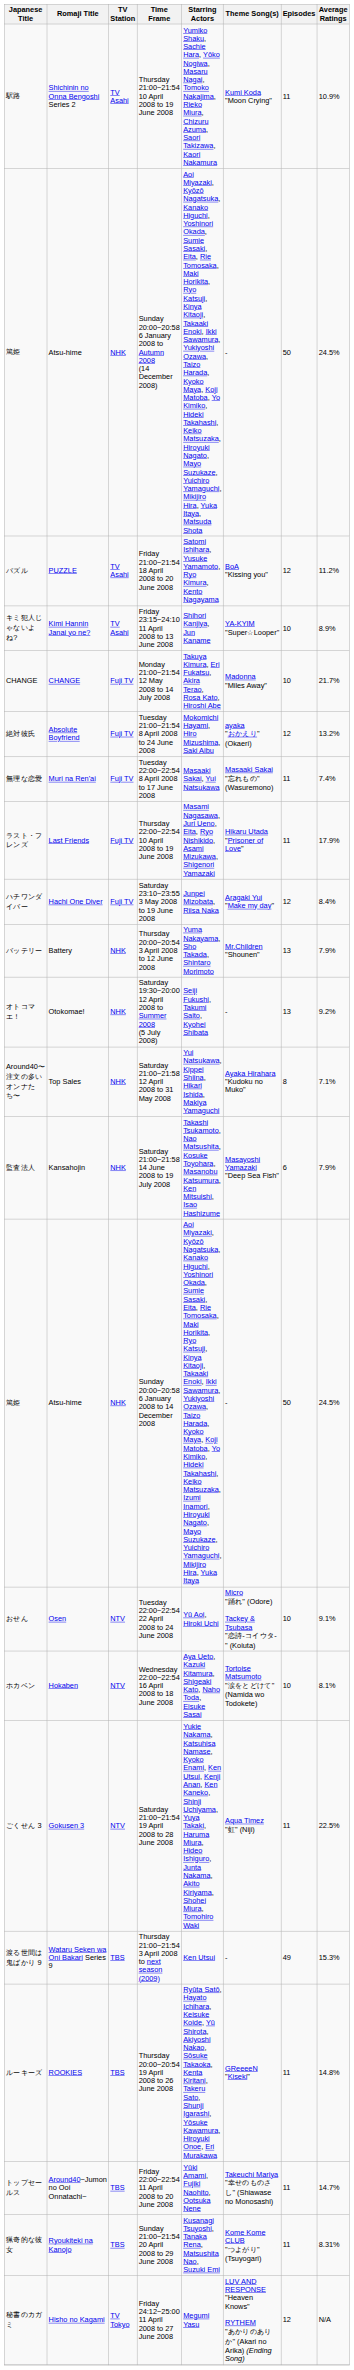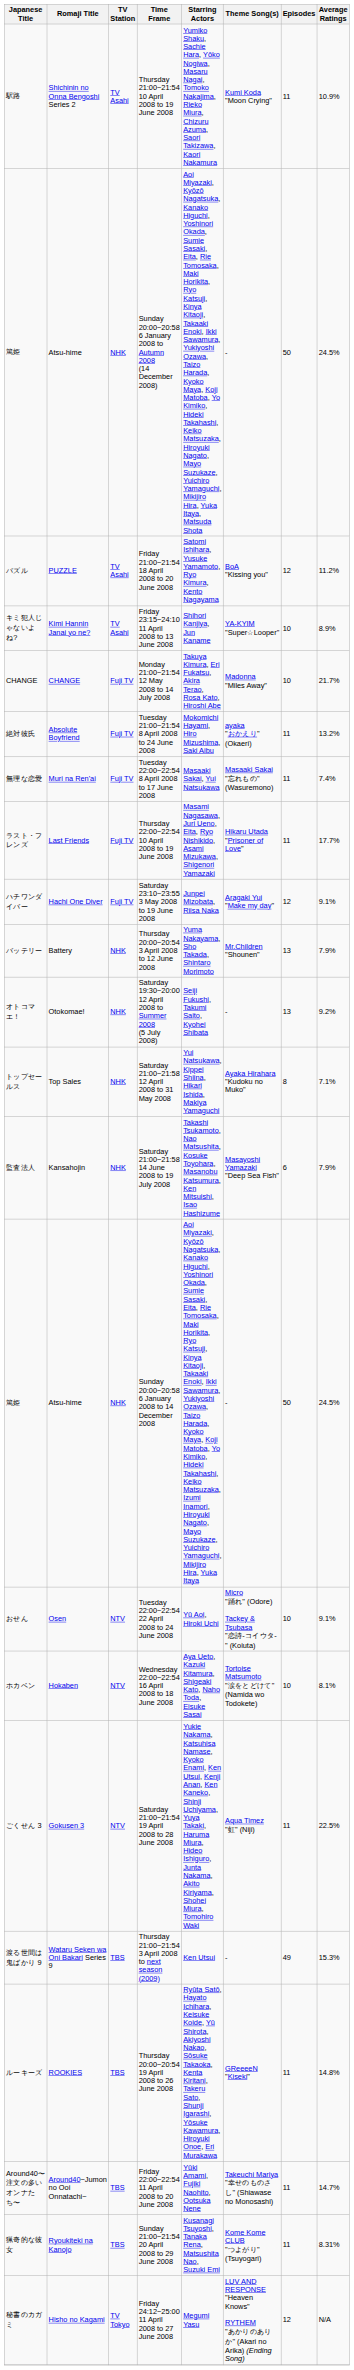 <table class="wikitable">
 <tr>
 <th align="left">Japanese Title</th>
 <th align="left">Romaji Title</th>
 <th align="left">TV Station</th>
 <th align="left">Time Frame</th>
 <th align="left">Starring Actors</th>
 <th align="left">Theme Song(s)</th>
 <th align="left">Episodes</th>
 <th align="left">Average Ratings</th>
 </tr>
 <tr>
 <td align="left">駅路</td>
 <td align="left"><a href='#'>Shichinin no Onna Bengoshi</a> Series 2</td>
 <td align="left"><a href='#'>TV Asahi</a></td>
 <td align="left">Thursday 21:00~21:54 <br> 10 April 2008 to 19 June 2008</td>
 <td align="left"><a href='#'>Yumiko Shaku</a>, <a href='#'>Sachie Hara</a>, <a href='#'>Yōko Nogiwa</a>, <a href='#'>Masaru Nagai</a>, <a href='#'>Tomoko Nakajima</a>, <a href='#'>Rieko Miura</a>, <a href='#'>Chizuru Azuma</a>, <a href='#'>Saori Takizawa</a>, <a href='#'>Kaori Nakamura</a></td>
 <td align="left"><a href='#'>Kumi Koda</a><br>"Moon Crying"</td>
 <td align="left">11</td>
 <td align="left">10.9%</td>
 </tr>
 <tr>
 <td align="left">篤姫</td>
 <td align="left">Atsu-hime</td>
 <td align="left"><a href='#'>NHK</a></td>
 <td align="left">Sunday 20:00~20:58 <br> 6 January 2008 to <a href='#'>Autumn 2008</a><br>(14 December 2008)</td>
 <td align="left"><a href='#'>Aoi Miyazaki</a>, <a href='#'>Kyōzō Nagatsuka</a>, <a href='#'>Kanako Higuchi</a>, <a href='#'>Yoshinori Okada</a>, <a href='#'>Sumie Sasaki</a>, <a href='#'>Eita</a>, <a href='#'>Rie Tomosaka</a>, <a href='#'>Maki Horikita</a>, <a href='#'>Ryo Katsuji</a>, <a href='#'>Kinya Kitaoji</a>, <a href='#'>Takaaki Enoki</a>, <a href='#'>Ikki Sawamura</a>, <a href='#'>Yukiyoshi Ozawa</a>, <a href='#'>Taizo Harada</a>, <a href='#'>Kyoko Maya</a>, <a href='#'>Koji Matoba</a>, <a href='#'>Yo Kimiko</a>, <a href='#'>Hideki Takahashi</a>, <a href='#'>Keiko Matsuzaka</a>, <a href='#'>Hiroyuki Nagato</a>, <a href='#'>Mayo Suzukaze</a>, <a href='#'>Yuichiro Yamaguchi</a>, <a href='#'>Mikijiro Hira</a>, <a href='#'>Yuka Itaya</a>, <a href='#'>Matsuda Shota</a></td>
 <td align="left">-</td>
 <td align="left">50</td>
 <td align="left">24.5%</td>
 </tr>
 <tr>
 <td align="left">パズル</td>
 <td align="left"><a href='#'>PUZZLE</a></td>
 <td align="left"><a href='#'>TV Asahi</a></td>
 <td align="left">Friday 21:00~21:54 <br> 18 April 2008 to 20 June 2008</td>
 <td align="left"><a href='#'>Satomi Ishihara</a>, <a href='#'>Yusuke Yamamoto</a>, <a href='#'>Ryo Kimura</a>, <a href='#'>Kento Nagayama</a></td>
 <td align="left"><a href='#'>BoA</a><br>"Kissing you"</td>
 <td align="left">12</td>
 <td align="left">11.2%</td>
 </tr>
 <tr>
 <td align="left">キミ犯人じゃないよね?</td>
 <td align="left"><a href='#'>Kimi Hannin Janai yo ne?</a></td>
 <td align="left"><a href='#'>TV Asahi</a></td>
 <td align="left">Friday 23:15~24:10 <br> 11 April 2008 to 13 June 2008</td>
 <td align="left"><a href='#'>Shihori Kanjiya</a>, <a href='#'>Jun Kaname</a></td>
 <td align="left"><a href='#'>YA-KYIM</a><br>"Super☆Looper"</td>
 <td align="left">10</td>
 <td align="left">8.9%</td>
 </tr>
 <tr>
 <td align="left">CHANGE</td>
 <td align="left"><a href='#'>CHANGE</a></td>
 <td align="left"><a href='#'>Fuji TV</a></td>
 <td align="left">Monday 21:00~21:54 <br> 12 May 2008 to 14 July 2008</td>
 <td align="left"><a href='#'>Takuya Kimura</a>, <a href='#'>Eri Fukatsu</a>, <a href='#'>Akira Terao</a>, <a href='#'>Rosa Kato</a>, <a href='#'>Hiroshi Abe</a></td>
 <td align="left"><a href='#'>Madonna</a><br>"Miles Away"</td>
 <td align="left">10</td>
 <td align="left">21.7%</td>
 </tr>
 <tr>
 <td align="left">絶対彼氏</td>
 <td align="left"><a href='#'>Absolute Boyfriend</a></td>
 <td align="left"><a href='#'>Fuji TV</a></td>
 <td align="left">Tuesday 21:00~21:54  <br> 8 April 2008 to 24 June 2008</td>
 <td align="left"><a href='#'>Mokomichi Hayami</a>, <a href='#'>Hiro Mizushima</a>, <a href='#'>Saki Aibu</a></td>
 <td align="left"><a href='#'>ayaka</a><br>"<a href='#'>おかえり</a>" (Okaeri)</td>
-<td align="left">12</td>
+<td align="left">11</td>
 <td align="left">13.2%</td>
 </tr>
 <tr>
 <td align="left">無理な恋愛</td>
 <td align="left"><a href='#'>Muri na Ren'ai</a></td>
 <td align="left"><a href='#'>Fuji TV</a></td>
 <td align="left">Tuesday 22:00~22:54 <br> 8 April 2008 to 17 June 2008</td>
 <td align="left"><a href='#'>Masaaki Sakai</a>, <a href='#'>Yui Natsukawa</a></td>
 <td align="left"><a href='#'>Masaaki Sakai</a><br>"忘れもの" (Wasuremono)</td>
 <td align="left">11</td>
 <td align="left">7.4%</td>
 </tr>
 <tr>
 <td align="left">ラスト・フレンズ</td>
 <td align="left"><a href='#'>Last Friends</a></td>
 <td align="left"><a href='#'>Fuji TV</a></td>
 <td align="left">Thursday 22:00~22:54 <br> 10 April 2008 to 19 June 2008</td>
 <td align="left"><a href='#'>Masami Nagasawa</a>, <a href='#'>Juri Ueno</a>, <a href='#'>Eita</a>, <a href='#'>Ryo Nishikido</a>, <a href='#'>Asami Mizukawa</a>, <a href='#'>Shigenori Yamazaki</a></td>
 <td align="left"><a href='#'>Hikaru Utada</a><br>"<a href='#'>Prisoner of Love</a>"</td>
 <td align="left">11</td>
-<td align="left">17.9%</td>
+<td align="left">17.7%</td>
 </tr>
 <tr>
 <td align="left">ハチワンダイバー</td>
 <td align="left"><a href='#'>Hachi One Diver</a></td>
 <td align="left"><a href='#'>Fuji TV</a></td>
 <td align="left">Saturday 23:10~23:55 <br> 3 May 2008 to 19 June 2008</td>
 <td align="left"><a href='#'>Junpei Mizobata</a>, <a href='#'>Riisa Naka</a></td>
 <td align="left"><a href='#'>Aragaki Yui</a><br>"<a href='#'>Make my day</a>"</td>
 <td align="left">12</td>
-<td align="left">8.4%</td>
+<td align="left">9.1%</td>
 </tr>
 <tr>
 <td align="left">バッテリー</td>
 <td align="left">Battery</td>
 <td align="left"><a href='#'>NHK</a></td>
 <td align="left">Thursday 20:00~20:54 <br> 3 April 2008 to 12 June 2008</td>
 <td align="left"><a href='#'>Yuma Nakayama</a>, <a href='#'>Sho Takada</a>, <a href='#'>Shintaro Morimoto</a></td>
 <td align="left"><a href='#'>Mr.Children</a><br>"Shounen"</td>
 <td align="left">13</td>
 <td align="left">7.9%</td>
 </tr>
 <tr>
 <td align="left">オトコマエ！</td>
 <td align="left">Otokomae!</td>
 <td align="left"><a href='#'>NHK</a></td>
 <td align="left">Saturday 19:30~20:00 <br> 12 April 2008 to <a href='#'>Summer 2008</a><br>(5 July 2008)</td>
 <td align="left"><a href='#'>Seiji Fukushi</a>, <a href='#'>Takumi Saito</a>, <a href='#'>Kyohei Shibata</a></td>
 <td align="left">-</td>
 <td align="left">13</td>
 <td align="left">9.2%</td>
 </tr>
 <tr>
-<td align="left">Around40〜注文の多いオンナたち〜</td>
+<td align="left">トップセールス</td>
 <td align="left">Top Sales</td>
 <td align="left"><a href='#'>NHK</a></td>
 <td align="left">Saturday 21:00~21:58 <br> 12 April 2008 to 31 May 2008</td>
 <td align="left"><a href='#'>Yui Natsukawa</a>, <a href='#'>Kippei Shiina</a>, <a href='#'>Hikari Ishida</a>, <a href='#'>Makiya Yamaguchi</a></td>
 <td align="left"><a href='#'>Ayaka Hirahara</a><br>"Kudoku no Muko"</td>
 <td align="left">8</td>
 <td align="left">7.1%</td>
 </tr>
 <tr>
 <td align="left">監査法人</td>
 <td align="left">Kansahojin</td>
 <td align="left"><a href='#'>NHK</a></td>
 <td align="left">Saturday 21:00~21:58 <br> 14 June 2008 to 19 July 2008</td>
 <td align="left"><a href='#'>Takashi Tsukamoto</a>, <a href='#'>Nao Matsushita</a>, <a href='#'>Kosuke Toyohara</a>, <a href='#'>Masanobu Katsumura</a>, <a href='#'>Ken Mitsuishi</a>, <a href='#'>Isao Hashizume</a></td>
 <td align="left"><a href='#'>Masayoshi Yamazaki</a><br>"Deep Sea Fish"</td>
 <td align="left">6</td>
 <td align="left">7.9%</td>
 </tr>
 <tr>
 <td align="left">篤姫</td>
 <td align="left">Atsu-hime</td>
 <td align="left"><a href='#'>NHK</a></td>
 <td align="left">Sunday 20:00~20:58 <br> 6 January 2008 to 14 December 2008</td>
 <td align="left"><a href='#'>Aoi Miyazaki</a>, <a href='#'>Kyōzō Nagatsuka</a>, <a href='#'>Kanako Higuchi</a>, <a href='#'>Yoshinori Okada</a>, <a href='#'>Sumie Sasaki</a>, <a href='#'>Eita</a>, <a href='#'>Rie Tomosaka</a>, <a href='#'>Maki Horikita</a>, <a href='#'>Ryo Katsuji</a>, <a href='#'>Kinya Kitaoji</a>, <a href='#'>Takaaki Enoki</a>, <a href='#'>Ikki Sawamura</a>, <a href='#'>Yukiyoshi Ozawa</a>, <a href='#'>Taizo Harada</a>, <a href='#'>Kyoko Maya</a>, <a href='#'>Koji Matoba</a>, <a href='#'>Yo Kimiko</a>, <a href='#'>Hideki Takahashi</a>, <a href='#'>Keiko Matsuzaka</a>, <a href='#'>Izumi Inamori</a>, <a href='#'>Hiroyuki Nagato</a>, <a href='#'>Mayo Suzukaze</a>, <a href='#'>Yuichiro Yamaguchi</a>, <a href='#'>Mikijiro Hira</a>, <a href='#'>Yuka Itaya</a></td>
 <td align="left">-</td>
 <td align="left">50</td>
 <td align="left">24.5%</td>
 </tr>
 <tr>
 <td align="left">おせん</td>
 <td align="left"><a href='#'>Osen</a></td>
 <td align="left"><a href='#'>NTV</a></td>
 <td align="left">Tuesday 22:00~22:54 <br> 22 April 2008 to 24 June 2008</td>
 <td align="left"><a href='#'>Yū Aoi</a>, <a href='#'>Hiroki Uchi</a></td>
 <td align="left"><a href='#'>Micro</a><br>"踊れ" (Odore)<br><br><a href='#'>Tackey & Tsubasa</a><br>"恋詩-コイウタ-" (Koiuta)</td>
 <td align="left">10</td>
 <td align="left">9.1%</td>
 </tr>
 <tr>
 <td align="left">ホカベン</td>
 <td align="left"><a href='#'>Hokaben</a></td>
 <td align="left"><a href='#'>NTV</a></td>
 <td align="left">Wednesday 22:00~22:54 <br> 16 April 2008 to 18 June 2008</td>
 <td align="left"><a href='#'>Aya Ueto</a>, <a href='#'>Kazuki Kitamura</a>, <a href='#'>Shigeaki Kato</a>, <a href='#'>Naho Toda</a>, <a href='#'>Eisuke Sasai</a></td>
 <td align="left"><a href='#'>Tortoise Matsumoto</a><br>"涙をとどけて" (Namida wo Todokete)</td>
 <td align="left">10</td>
 <td align="left">8.1%</td>
 </tr>
 <tr>
 <td align="left">ごくせん 3</td>
 <td align="left"><a href='#'>Gokusen 3</a></td>
 <td align="left"><a href='#'>NTV</a></td>
 <td align="left">Saturday 21:00~21:54 <br> 19 April 2008 to 28 June 2008</td>
 <td align="left"><a href='#'>Yukie Nakama</a>, <a href='#'>Katsuhisa Namase</a>, <a href='#'>Kyoko Enami</a>, <a href='#'>Ken Utsui</a>, <a href='#'>Kenji Anan</a>, <a href='#'>Ken Kaneko</a>, <a href='#'>Shinji Uchiyama</a>, <a href='#'>Yuya Takaki</a>, <a href='#'>Haruma Miura</a>, <a href='#'>Hideo Ishiguro</a>, <a href='#'>Junta Nakama</a>, <a href='#'>Akito Kiriyama</a>, <a href='#'>Shohei Miura</a>, <a href='#'>Tomohiro Waki</a></td>
 <td align="left"><a href='#'>Aqua Timez</a><br>"虹" (Niji)</td>
 <td align="left">11</td>
 <td align="left">22.5%</td>
 </tr>
 <tr>
 <td align="left">渡る世間は鬼ばかり 9</td>
 <td align="left"><a href='#'>Wataru Seken wa Oni Bakari</a> Series 9</td>
 <td align="left"><a href='#'>TBS</a></td>
 <td align="left">Thursday 21:00~21:54 <br> 3 April 2008 to <a href='#'>next season (2009)</a></td>
 <td align="left"><a href='#'>Ken Utsui</a></td>
 <td align="left">-</td>
 <td align="left">49</td>
 <td align="left">15.3%</td>
 </tr>
 <tr>
 <td align="left">ルーキーズ</td>
 <td align="left"><a href='#'>ROOKIES</a></td>
 <td align="left"><a href='#'>TBS</a></td>
 <td align="left">Thursday 20:00~20:54 <br> 19 April 2008 to 26 June 2008</td>
 <td align="left"><a href='#'>Ryūta Satō</a>, <a href='#'>Hayato Ichihara</a>, <a href='#'>Keisuke Koide</a>, <a href='#'>Yū Shirota</a>, <a href='#'>Akiyoshi Nakao</a>, <a href='#'>Sōsuke Takaoka</a>, <a href='#'>Kenta Kiritani</a>, <a href='#'>Takeru Sato</a>, <a href='#'>Shunji Igarashi</a>, <a href='#'>Yōsuke Kawamura</a>, <a href='#'>Hiroyuki Onoe</a>, <a href='#'>Eri Murakawa</a></td>
 <td align="left"><a href='#'>GReeeeN</a><br>"<a href='#'>Kiseki</a>"</td>
 <td align="left">11</td>
 <td align="left">14.8%</td>
 </tr>
 <tr>
-<td align="left">トップセールス</td>
+<td align="left">Around40〜注文の多いオンナたち〜</td>
 <td align="left"><a href='#'>Around40</a>~Jumon no Ooi Onnatachi~</td>
 <td align="left"><a href='#'>TBS</a></td>
 <td align="left">Friday 22:00~22:54 <br> 11 April 2008 to 20 June 2008</td>
 <td align="left"><a href='#'>Yūki Amami</a>, <a href='#'>Fujiki Naohito</a>, <a href='#'>Ootsuka Nene</a></td>
 <td align="left"><a href='#'>Takeuchi Mariya</a><br>"幸せのものさし" (Shiawase no Monosashi)</td>
 <td align="left">11</td>
 <td align="left">14.7%</td>
 </tr>
 <tr>
 <td align="left">猟奇的な彼女</td>
 <td align="left"><a href='#'>Ryoukiteki na Kanojo</a></td>
 <td align="left"><a href='#'>TBS</a></td>
 <td align="left">Sunday 21:00~21:54 <br> 20 April 2008 to 29 June 2008</td>
 <td align="left"><a href='#'>Kusanagi Tsuyoshi</a>, <a href='#'>Tanaka Rena</a>, <a href='#'>Matsushita Nao</a>, <a href='#'>Suzuki Emi</a></td>
 <td align="left"><a href='#'>Kome Kome CLUB</a><br>"つよがり" (Tsuyogari)</td>
 <td align="left">11</td>
 <td align="left">8.31%</td>
 </tr>
 <tr>
 <td align="left">秘書のカガミ</td>
 <td align="left"><a href='#'>Hisho no Kagami</a></td>
 <td align="left"><a href='#'>TV Tokyo</a></td>
 <td align="left">Friday 24:12~25:00 <br> 11 April 2008 to 27 June 2008</td>
 <td align="left"><a href='#'>Megumi Yasu</a></td>
 <td align="left"><a href='#'>LUV AND RESPONSE</a><br>"Heaven Knows"<br><br><a href='#'>RYTHEM</a><br>"あかりのありか" (Akari no Arika) <em>(Ending Song)</em></td>
 <td align="left">12</td>
 <td align="left">N/A</td>
 </tr>
 <tr>
 </tr>
 </table>
